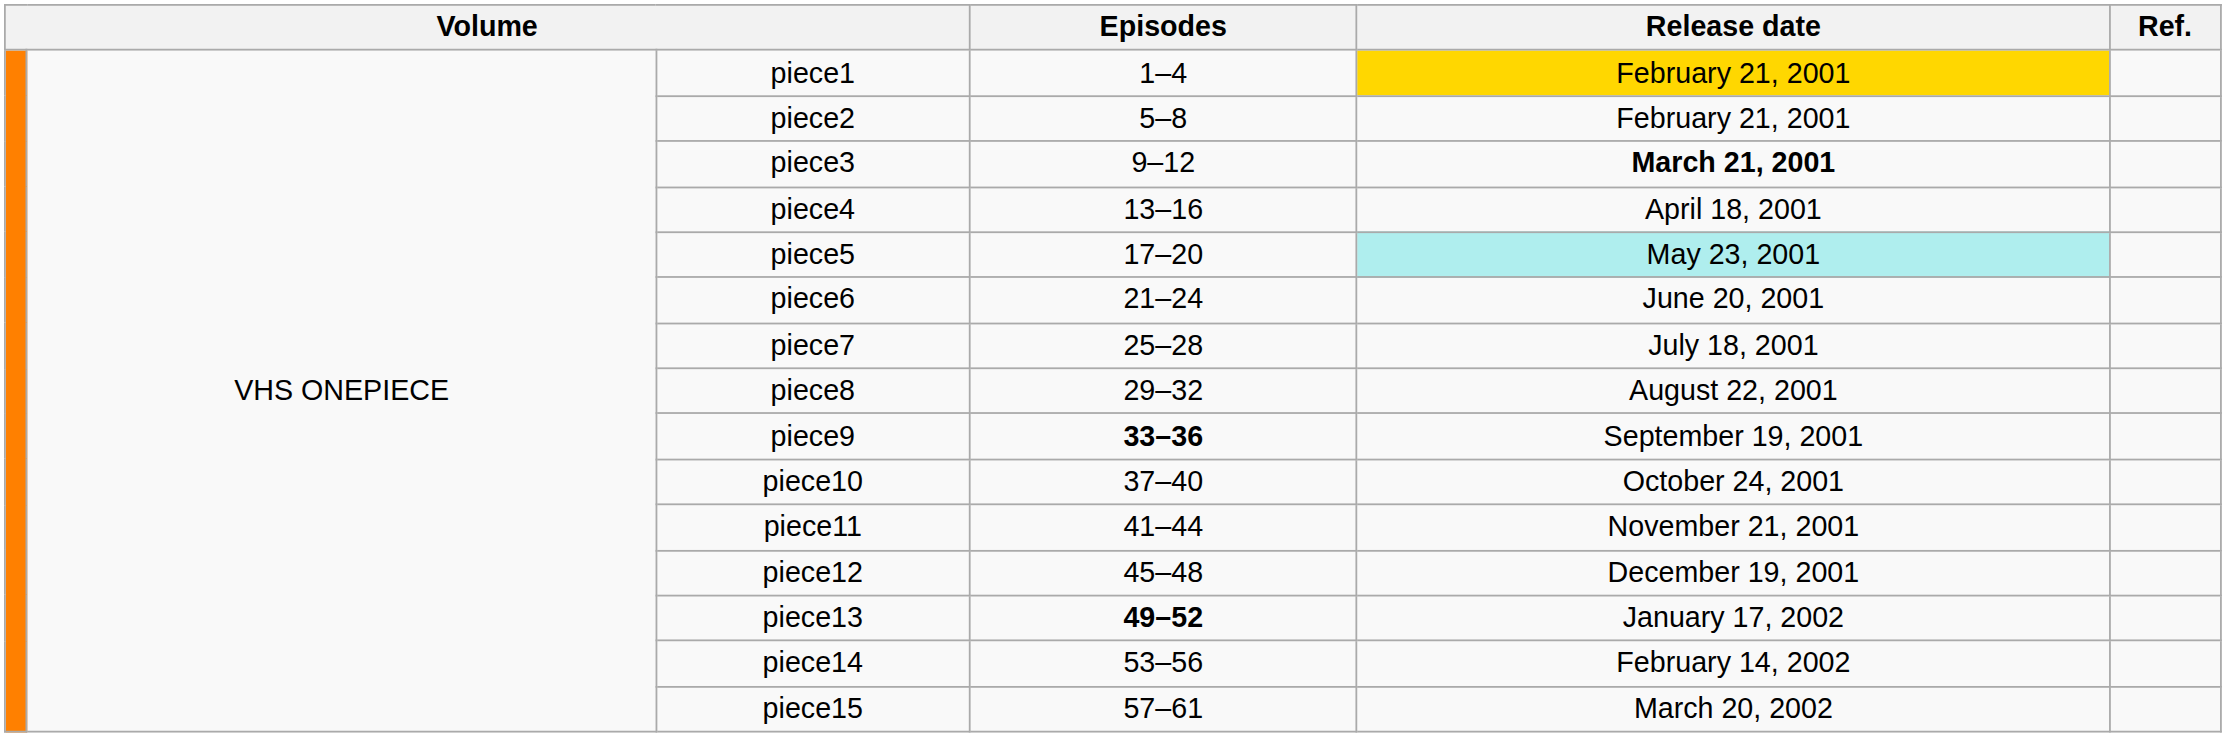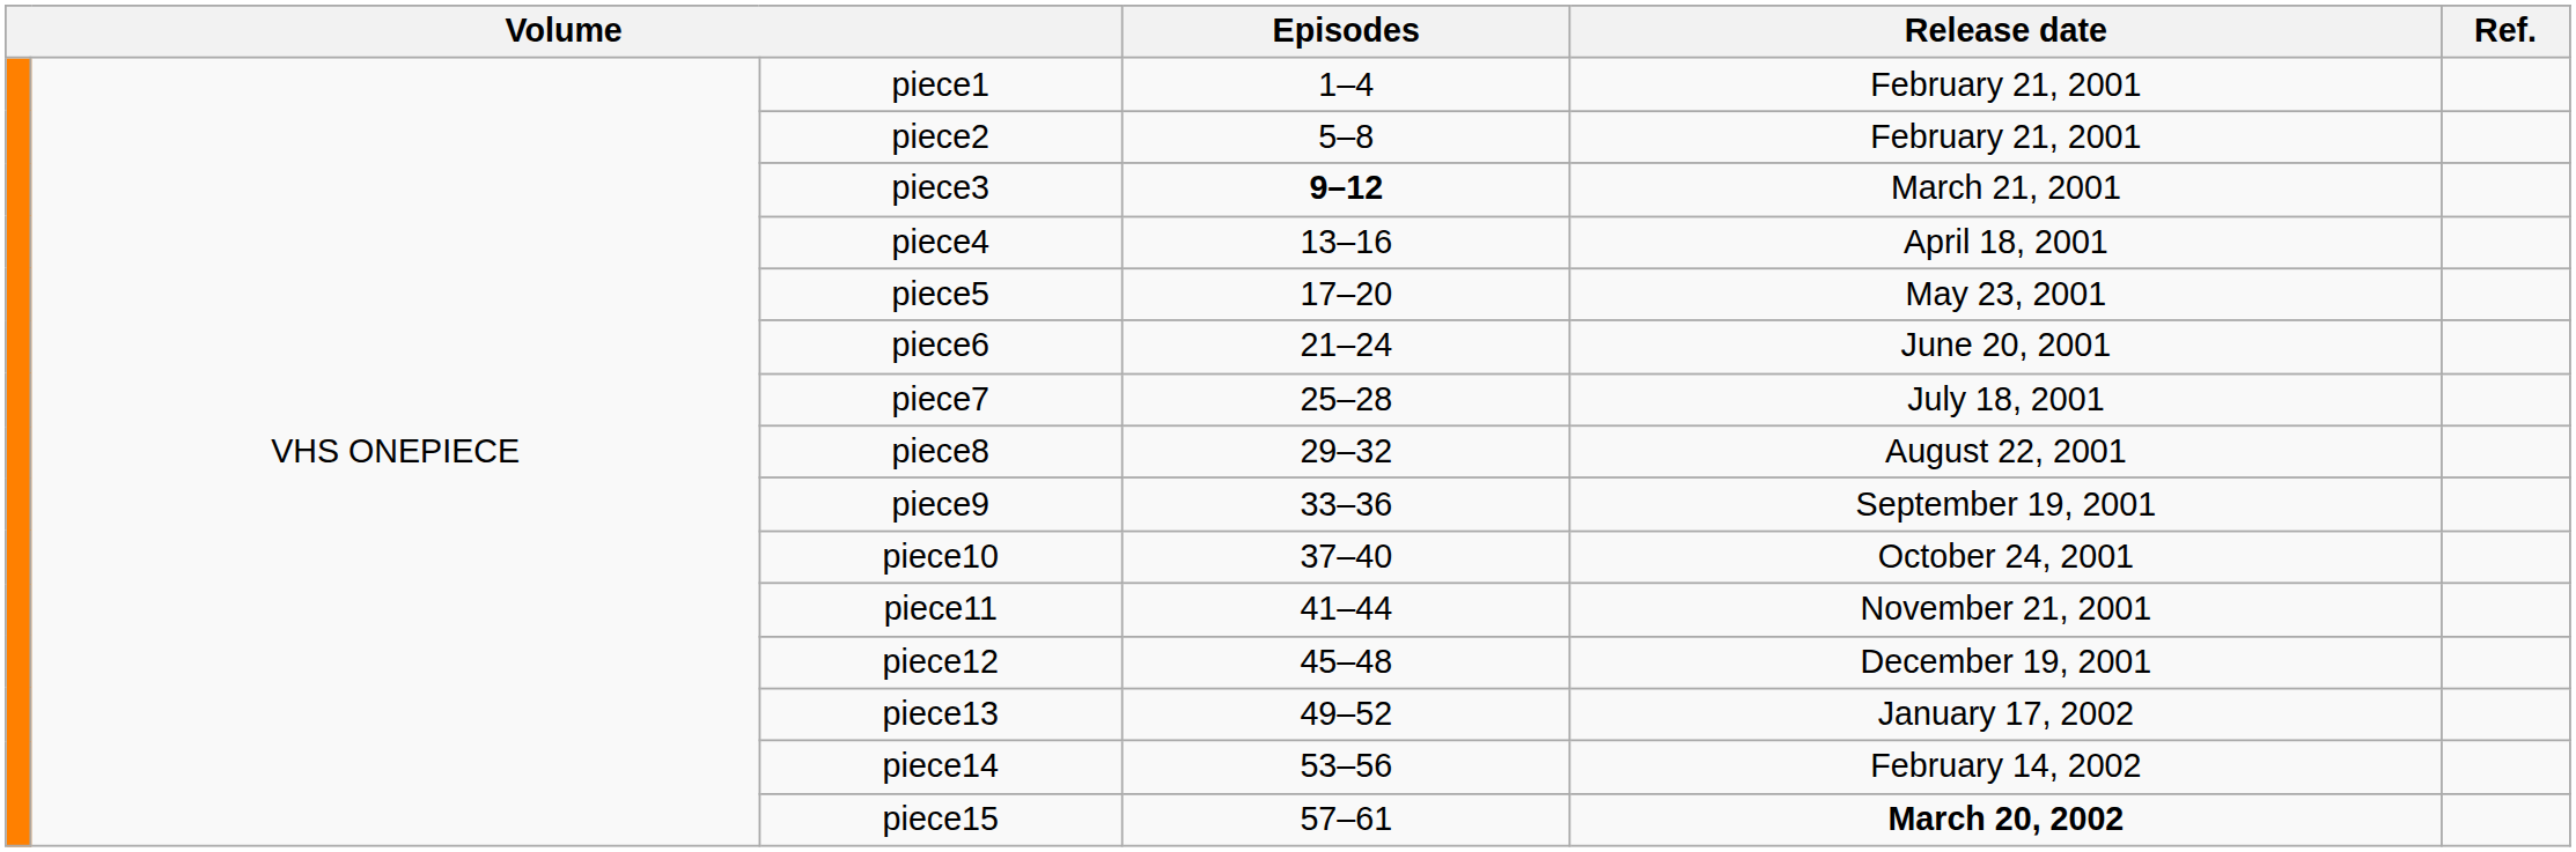 <table class="wikitable" style="text-align: center; width: 98%;">
 <tr>
 <th colspan="3">Volume</th>
 <th>Episodes</th>
 <th>Release date</th>
 <th width="5%">Ref.</th>
 </tr>
 <tr>
 <td rowspan="15" width="1%" style="background: #FF8000;"></td>
 <td rowspan="15">VHS ONEPIECE</td>
 <td>piece1</td>
 <td>1–4</td>
-<td style="background: gold;">February 21, 2001</td>
+<td>February 21, 2001</td>
 <td></td>
 </tr>
 <tr>
 <td>piece2</td>
 <td>5–8</td>
 <td>February 21, 2001</td>
 <td></td>
 </tr>
 <tr>
 <td>piece3</td>
-<td>9–12</td>
-<td><strong>March 21, 2001</strong></td>
+<td><strong>9–12</strong></td>
+<td>March 21, 2001</td>
 <td></td>
 </tr>
 <tr>
 <td>piece4</td>
 <td>13–16</td>
 <td>April 18, 2001</td>
 <td></td>
 </tr>
 <tr>
 <td>piece5</td>
 <td>17–20</td>
-<td style="background: paleturquoise;">May 23, 2001</td>
+<td>May 23, 2001</td>
 <td></td>
 </tr>
 <tr>
 <td>piece6</td>
 <td>21–24</td>
 <td>June 20, 2001</td>
 <td></td>
 </tr>
 <tr>
 <td>piece7</td>
 <td>25–28</td>
 <td>July 18, 2001</td>
 <td></td>
 </tr>
 <tr>
 <td>piece8</td>
 <td>29–32</td>
 <td>August 22, 2001</td>
 <td></td>
 </tr>
 <tr>
 <td>piece9</td>
-<td><strong>33–36</strong></td>
+<td>33–36</td>
 <td>September 19, 2001</td>
 <td></td>
 </tr>
 <tr>
 <td>piece10</td>
 <td>37–40</td>
 <td>October 24, 2001</td>
 <td></td>
 </tr>
 <tr>
 <td>piece11</td>
 <td>41–44</td>
 <td>November 21, 2001</td>
 <td></td>
 </tr>
 <tr>
 <td>piece12</td>
 <td>45–48</td>
 <td>December 19, 2001</td>
 <td></td>
 </tr>
 <tr>
 <td>piece13</td>
-<td><strong>49–52</strong></td>
+<td>49–52</td>
 <td>January 17, 2002</td>
 <td></td>
 </tr>
 <tr>
 <td>piece14</td>
 <td>53–56</td>
 <td>February 14, 2002</td>
 <td></td>
 </tr>
 <tr>
 <td>piece15</td>
 <td>57–61</td>
-<td>March 20, 2002</td>
+<td><strong>March 20, 2002</strong></td>
 <td></td>
 </tr>
 </table>
